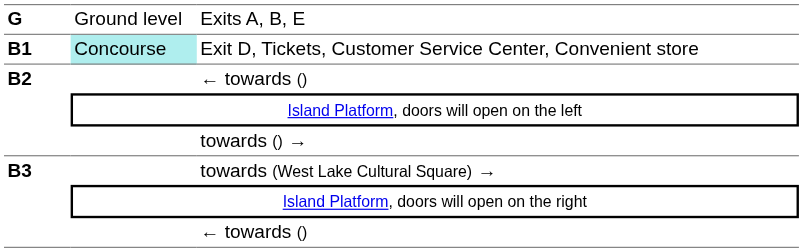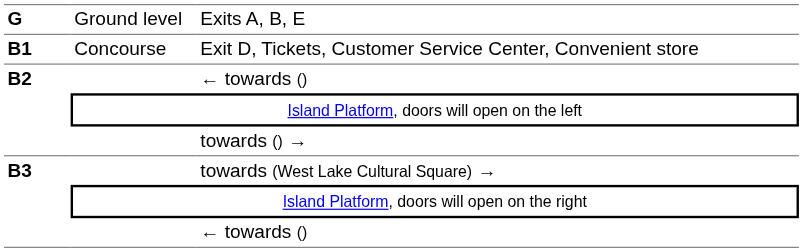 <table style="border-spacing:0;">
 <tr>
 <td style="border-bottom:solid 1px gray;border-top:solid 1px gray;width:50px;vertical-align:top;padding:3px;"><strong>G</strong></td>
 <td style="border-top:solid 1px gray;border-bottom:solid 1px gray;width:100px;vertical-align:top;padding:3px;">Ground level</td>
 <td style="border-top:solid 1px gray;border-bottom:solid 1px gray;width:500px;vertical-align:top;padding:3px;">Exits A, B, E</td>
 </tr>
 <tr>
 <td style="border-bottom:solid 1px gray;vertical-align:top;padding:3px;"><strong>B1</strong></td>
-<td style="background: paleturquoise; border-bottom:solid 1px gray;vertical-align:top;padding:3px;">Concourse</td>
+<td style="border-bottom:solid 1px gray;vertical-align:top;padding:3px;">Concourse</td>
 <td style="border-bottom:solid 1px gray;padding:3px;">Exit D, Tickets, Customer Service Center, Convenient store</td>
 </tr>
 <tr>
 <td style="border-bottom:solid 1px gray;vertical-align:top;padding:3px;" rowspan=3><strong>B2</strong></td>
 <td style="padding:3px;"></td>
 <td style="padding:3px;">←  towards  <small> ()</small></td>
 </tr>
 <tr>
 <td style="border:solid 2px black;text-align:center;padding:3px;" colspan=3><small><a href='#'>Island Platform</a>, doors will open on the left</small></td>
 </tr>
 <tr>
 <td style="border-bottom:solid 1px gray;padding:3px;"></td>
 <td style="border-bottom:solid 1px gray;padding:3px;">  towards  <small> ()</small> →</td>
 </tr>
 <tr>
 <td style="border-bottom:solid 1px gray;vertical-align:top;padding:3px;" rowspan=3><strong>B3</strong></td>
 <td style="padding:3px;"></td>
 <td style="padding:3px;">  towards  <small> (West Lake Cultural Square)</small> →</td>
 </tr>
 <tr>
 <td style="border:solid 2px black;text-align:center;padding:3px;" colspan=3><small><a href='#'>Island Platform</a>, doors will open on the right</small></td>
 </tr>
 <tr>
 <td style="border-bottom:solid 1px gray;padding:3px;"></td>
 <td style="border-bottom:solid 1px gray;padding:3px;">←  towards  <small> ()</small></td>
 </tr>
 </table>
